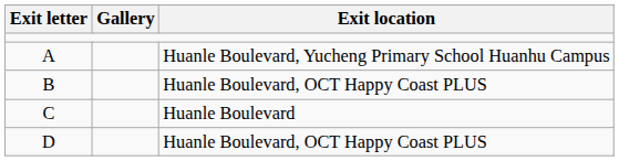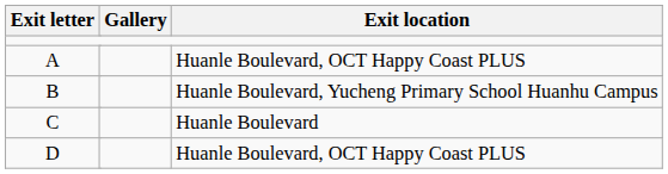 <table class=wikitable>
 <tr>
 <th colspan=2 style="width:70px">Exit letter</th>
 <th>Gallery</th>
 <th>Exit location</th>
 </tr>
 <tr style="background:#">
 <td colspan="4"></td>
 </tr>
 <tr>
 <td colspan=2 align=center>A</td>
 <td></td>
-<td>Huanle Boulevard, Yucheng Primary School Huanhu Campus</td>
+<td>Huanle Boulevard, OCT Happy Coast PLUS</td>
 </tr>
 <tr>
 <td colspan=2 align=center>B</td>
 <td></td>
-<td>Huanle Boulevard, OCT Happy Coast PLUS</td>
+<td>Huanle Boulevard, Yucheng Primary School Huanhu Campus</td>
 </tr>
 <tr>
 <td colspan=2 align=center>C</td>
 <td></td>
 <td>Huanle Boulevard</td>
 </tr>
 <tr>
 <td colspan=2 align=center>D</td>
 <td></td>
 <td>Huanle Boulevard, OCT Happy Coast PLUS</td>
 </tr>
 </table>
